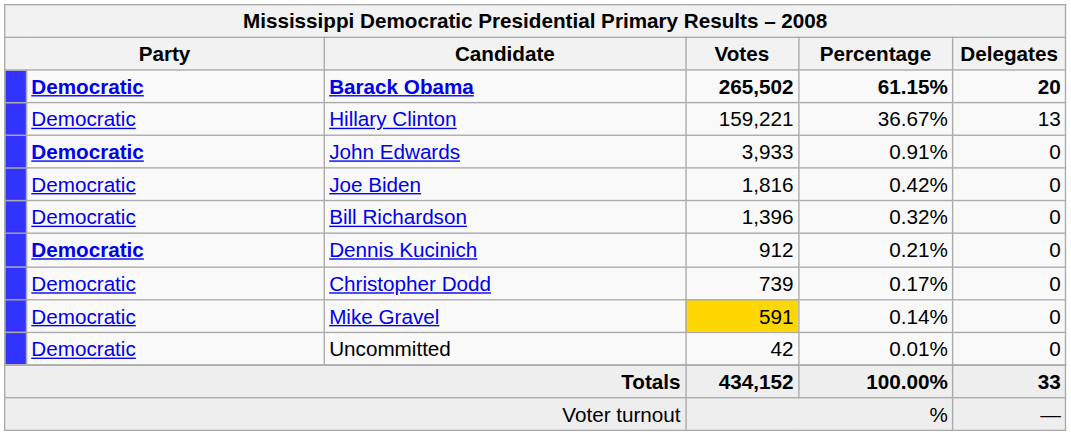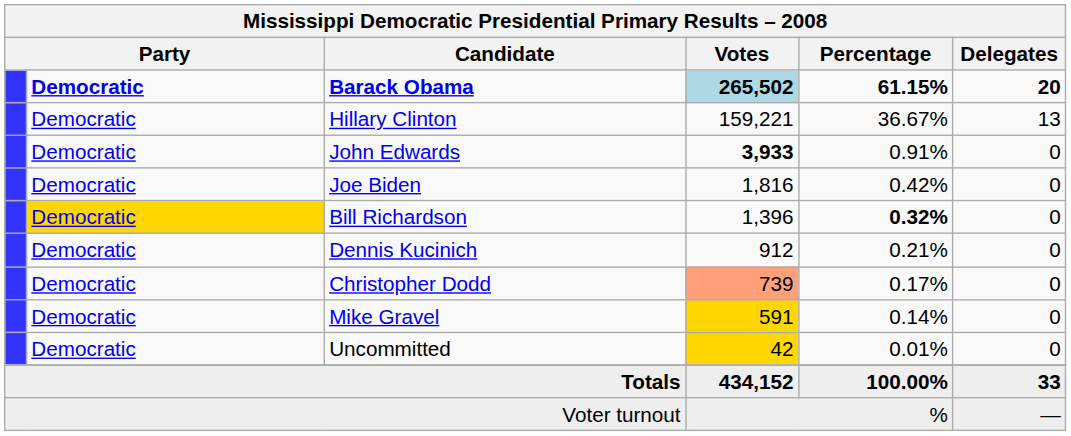 <table class="wikitable" style="font-size:95%;">
 <tr>
 <th colspan="7">Mississippi Democratic Presidential Primary Results – 2008</th>
 </tr>
 <tr>
 <th colspan="2" style="width: 15em">Party</th>
 <th style="width: 17em">Candidate</th>
 <th style="width: 5em">Votes</th>
 <th style="width: 7em">Percentage</th>
 <th style="width: 5em">Delegates</th>
 </tr>
 <tr>
 <th style="background-color:#3333FF; width: 3px"></th>
 <td style="width: 130px"><strong><a href='#'>Democratic</a></strong></td>
 <td><strong><a href='#'>Barack Obama</a></strong></td>
-<td align="right"><strong>265,502</strong></td>
+<td align="right" style="background: lightblue;"><strong>265,502</strong></td>
 <td align="right"><strong>61.15%</strong></td>
 <td align="right"><strong>20</strong></td>
 </tr>
 <tr>
 <th style="background-color:#3333FF; width: 3px"></th>
 <td style="width: 130px"><a href='#'>Democratic</a></td>
 <td><a href='#'>Hillary Clinton</a></td>
 <td align="right">159,221</td>
 <td align="right">36.67%</td>
 <td align="right">13</td>
 </tr>
 <tr>
 <th style="background-color:#3333FF; width: 3px"></th>
-<td style="width: 130px"><strong><a href='#'>Democratic</a></strong></td>
+<td style="width: 130px"><a href='#'>Democratic</a></td>
 <td><a href='#'>John Edwards</a></td>
-<td align="right">3,933</td>
+<td align="right"><strong>3,933</strong></td>
 <td align="right">0.91%</td>
 <td align="right">0</td>
 </tr>
 <tr>
 <th style="background-color:#3333FF; width: 3px"></th>
 <td style="width: 130px"><a href='#'>Democratic</a></td>
 <td><a href='#'>Joe Biden</a></td>
 <td align="right">1,816</td>
 <td align="right">0.42%</td>
 <td align="right">0</td>
 </tr>
 <tr>
 <th style="background-color:#3333FF; width: 3px"></th>
-<td style="width: 130px"><a href='#'>Democratic</a></td>
+<td style="background: gold; width: 130px"><a href='#'>Democratic</a></td>
 <td><a href='#'>Bill Richardson</a></td>
 <td align="right">1,396</td>
-<td align="right">0.32%</td>
+<td align="right"><strong>0.32%</strong></td>
 <td align="right">0</td>
 </tr>
 <tr>
 <th style="background-color:#3333FF; width: 3px"></th>
-<td style="width: 130px"><strong><a href='#'>Democratic</a></strong></td>
+<td style="width: 130px"><a href='#'>Democratic</a></td>
 <td><a href='#'>Dennis Kucinich</a></td>
 <td align="right">912</td>
 <td align="right">0.21%</td>
 <td align="right">0</td>
 </tr>
 <tr>
 <th style="background-color:#3333FF; width: 3px"></th>
 <td style="width: 130px"><a href='#'>Democratic</a></td>
 <td><a href='#'>Christopher Dodd</a></td>
-<td align="right">739</td>
+<td align="right" style="background: lightsalmon;">739</td>
 <td align="right">0.17%</td>
 <td align="right">0</td>
 </tr>
 <tr>
 <th style="background-color:#3333FF; width: 3px"></th>
 <td style="width: 130px"><a href='#'>Democratic</a></td>
 <td><a href='#'>Mike Gravel</a></td>
 <td align="right" style="background: gold;">591</td>
 <td align="right">0.14%</td>
 <td align="right">0</td>
 </tr>
 <tr>
 <th style="background-color:#3333FF; width: 3px"></th>
 <td style="width: 130px"><a href='#'>Democratic</a></td>
 <td>Uncommitted</td>
-<td align="right">42</td>
+<td align="right" style="background: gold;">42</td>
 <td align="right">0.01%</td>
 <td align="right">0</td>
 </tr>
 <tr>
 </tr>
 <tr bgcolor="#EEEEEE">
 <td colspan="3" align="right"><strong>Totals</strong></td>
 <td align="right"><strong>434,152</strong></td>
 <td align="right"><strong>100.00%</strong></td>
 <td align="right"><strong>33</strong></td>
 </tr>
 <tr bgcolor="#EEEEEE">
 <td colspan="3" align="right">Voter turnout</td>
 <td colspan="2" align="right">%</td>
 <td align="right">—</td>
 </tr>
 </table>
